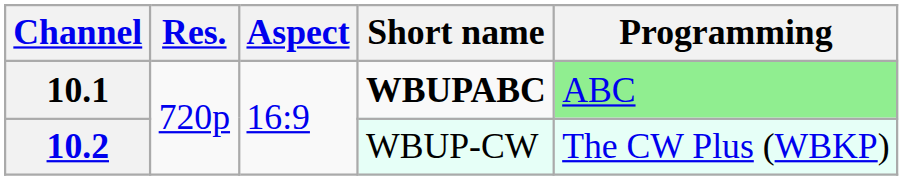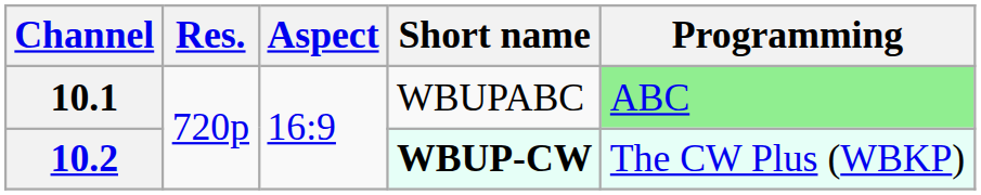 <table class="wikitable">
 <tr>
 <th><a href='#'>Channel</a></th>
 <th><a href='#'>Res.</a></th>
 <th><a href='#'>Aspect</a></th>
 <th>Short name</th>
 <th>Programming</th>
 </tr>
 <tr>
 <th scope = "row">10.1</th>
 <td rowspan="2"><a href='#'>720p</a></td>
 <td rowspan="2"><a href='#'>16:9</a></td>
-<td><strong>WBUPABC</strong></td>
+<td>WBUPABC</td>
 <td style="background: lightgreen;"><a href='#'>ABC</a></td>
 </tr>
 <tr>
 <th scope = "row"><a href='#'>10.2</a></th>
-<td style="background-color: #E6FFF7;">WBUP-CW</td>
+<td style="background-color: #E6FFF7;"><strong>WBUP-CW</strong></td>
 <td style="background-color: #E6FFF7;"><a href='#'>The CW Plus</a> (<a href='#'>WBKP</a>)</td>
 </tr>
 </table>
